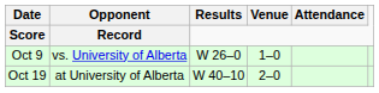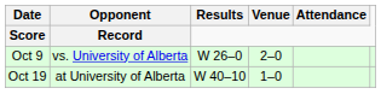 <table class="wikitable" style="text-align:center">
 <tr>
 <th>Date</th>
 <th>Opponent</th>
 <th>Results</th>
 <th>Venue</th>
 <th>Attendance</th>
 </tr>
 <tr>
 <th>Score</th>
 <th>Record</th>
 </tr>
 <tr style="background:#ddffdd">
 <td>Oct 9</td>
 <td>vs. <a href='#'>University of Alberta</a></td>
 <td>W 26–0</td>
-<td>1–0</td>
+<td>2–0</td>
 <td></td>
 <td></td>
 </tr>
 <tr style="background:#ddffdd">
 <td>Oct 19</td>
 <td>at University of Alberta</td>
 <td>W 40–10</td>
-<td>2–0</td>
+<td>1–0</td>
 <td></td>
 <td></td>
 </tr>
 </table>
